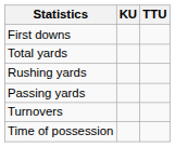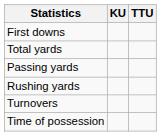 <table class="wikitable" style="float:left">
 <tr>
 <th>Statistics</th>
 <th>KU</th>
 <th>TTU</th>
 </tr>
 <tr>
 <td>First downs</td>
 <td></td>
 <td></td>
 </tr>
 <tr>
 <td>Total yards</td>
 <td></td>
 <td></td>
 </tr>
 <tr>
-<td>Rushing yards</td>
+<td>Passing yards</td>
 <td></td>
 <td></td>
 </tr>
 <tr>
-<td>Passing yards</td>
+<td>Rushing yards</td>
 <td></td>
 <td></td>
 </tr>
 <tr>
 <td>Turnovers</td>
 <td></td>
 <td></td>
 </tr>
 <tr>
 <td>Time of possession</td>
 <td></td>
 <td></td>
 </tr>
 </table>
